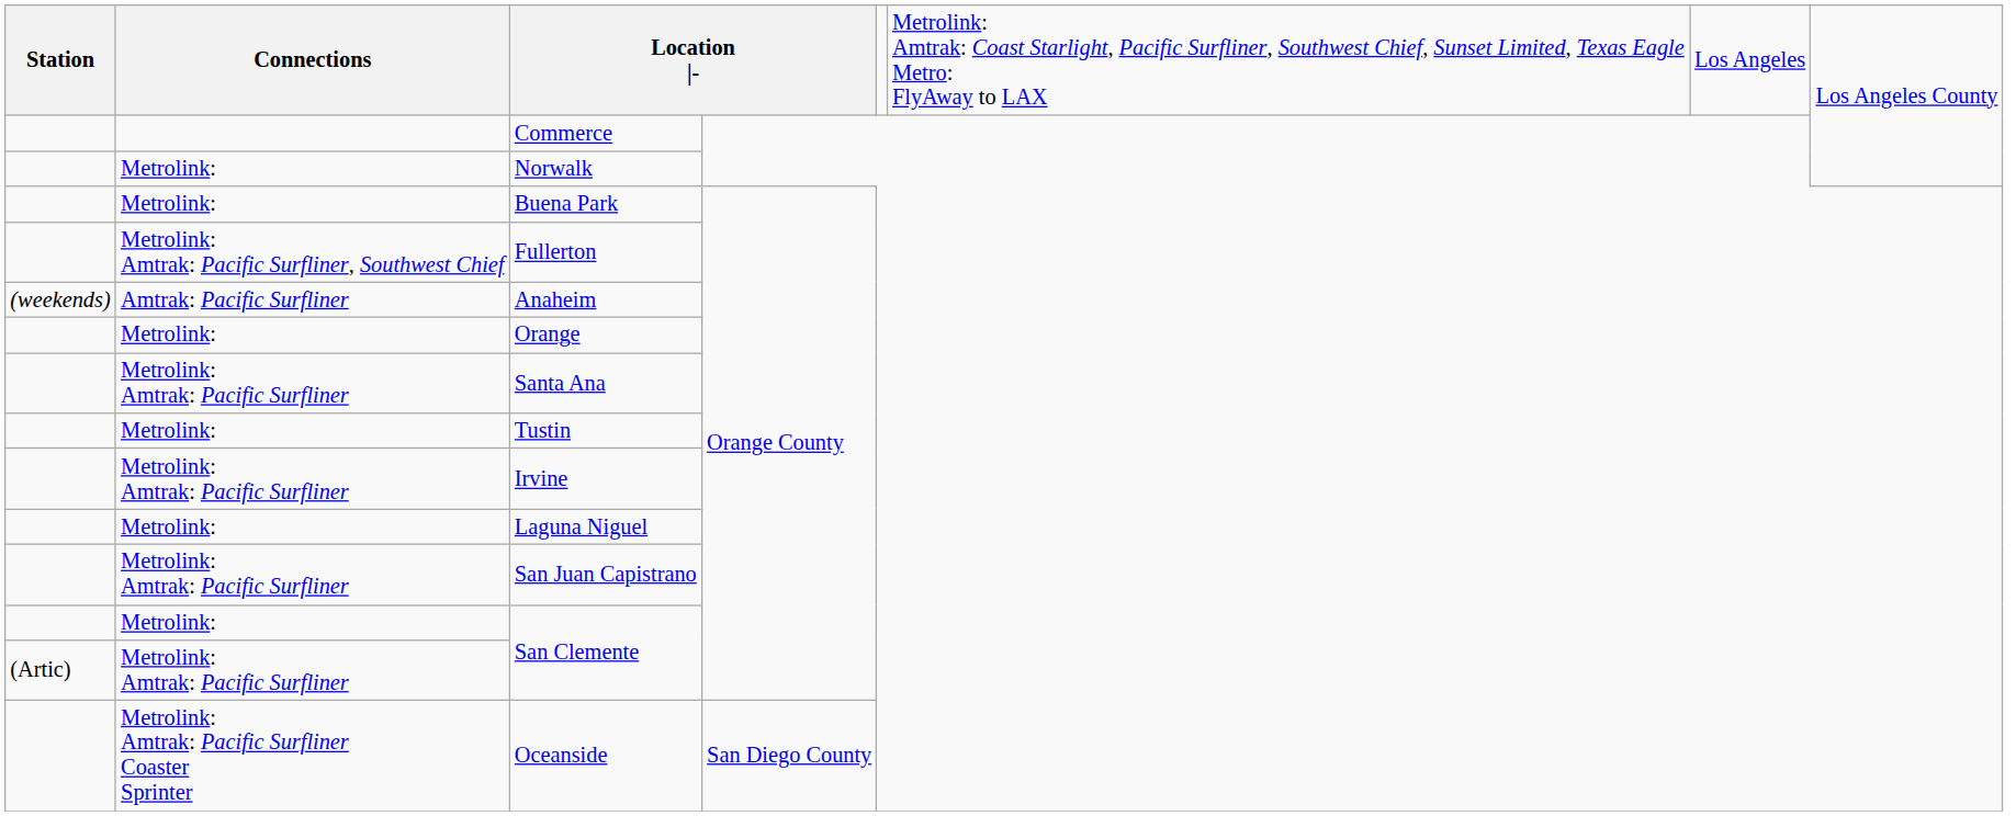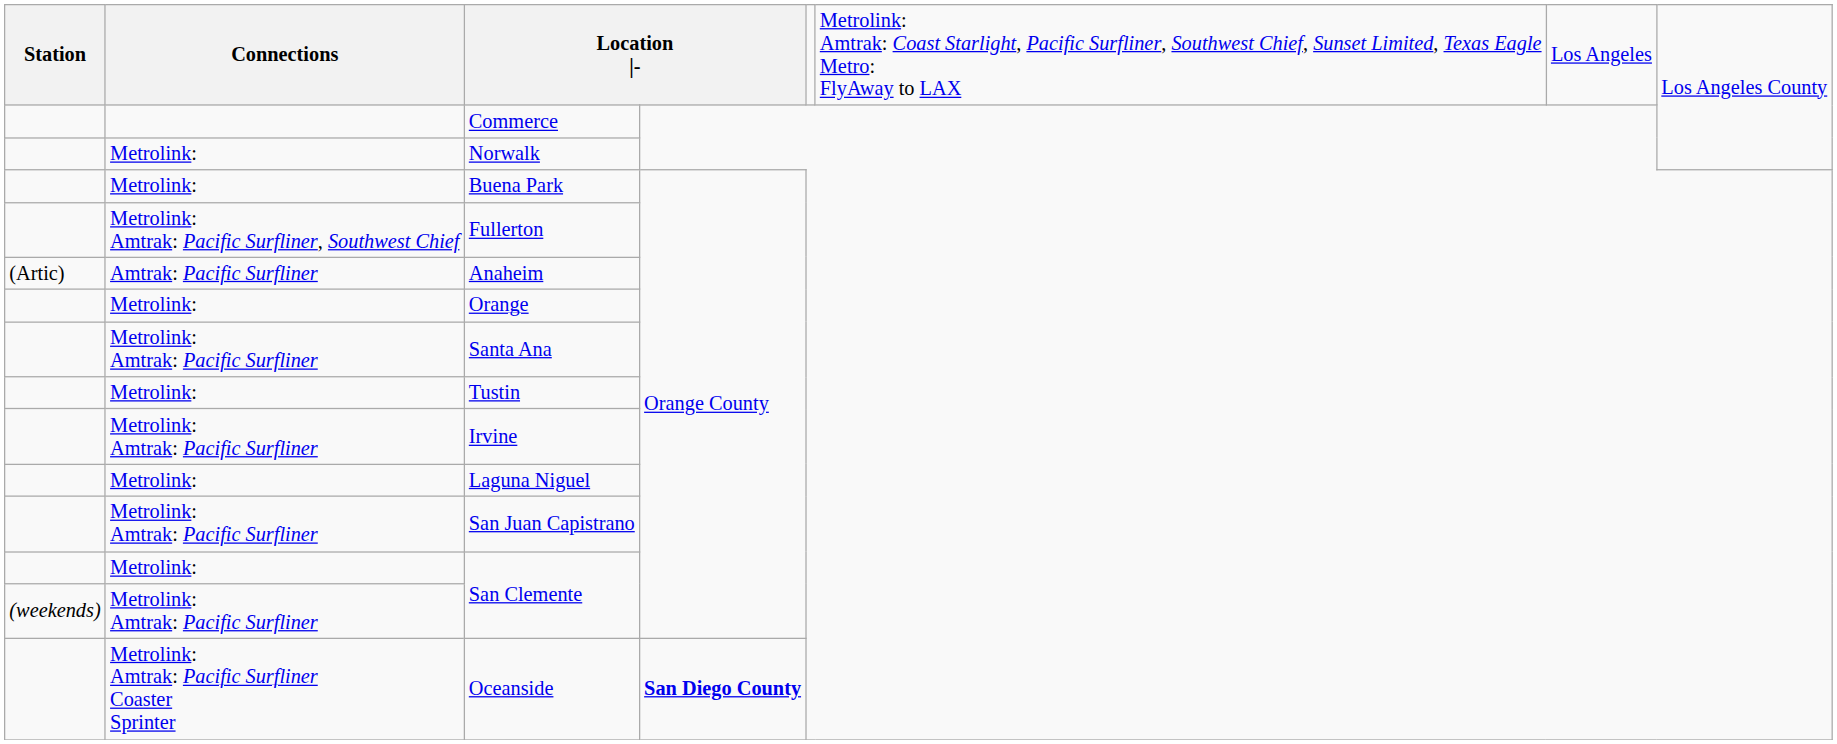 <table class="wikitable plainrowheaders">
 <tr>
 <th>Station</th>
 <th>Connections</th>
 <th colspan="2">Location<br>|-</th>
 <td></td>
 <td> <a href='#'>Metrolink</a>:      <br> <a href='#'>Amtrak</a>: <em><a href='#'>Coast Starlight</a></em>, <em><a href='#'>Pacific Surfliner</a></em>, <em><a href='#'>Southwest Chief</a></em>, <em><a href='#'>Sunset Limited</a></em>, <em><a href='#'>Texas Eagle</a></em><br> <a href='#'>Metro</a>:    <br> <a href='#'>FlyAway</a> to <a href='#'>LAX</a></td>
 <td><a href='#'>Los Angeles</a></td>
 <td rowspan="3"><a href='#'>Los Angeles County</a></td>
 </tr>
 <tr>
 <td></td>
 <td></td>
 <td><a href='#'>Commerce</a></td>
 </tr>
 <tr>
 <td></td>
 <td> <a href='#'>Metrolink</a>: </td>
 <td><a href='#'>Norwalk</a></td>
 </tr>
 <tr>
 <td></td>
 <td> <a href='#'>Metrolink</a>: </td>
 <td><a href='#'>Buena Park</a></td>
 <td rowspan="11"><a href='#'>Orange County</a></td>
 </tr>
 <tr>
 <td></td>
 <td> <a href='#'>Metrolink</a>: <br> <a href='#'>Amtrak</a>: <em><a href='#'>Pacific Surfliner</a></em>, <em><a href='#'>Southwest Chief</a></em></td>
 <td><a href='#'>Fullerton</a></td>
 </tr>
 <tr>
-<td> <em>(weekends)</em></td>
+<td> (Artic)</td>
 <td> <a href='#'>Amtrak</a>: <em><a href='#'>Pacific Surfliner</a></em></td>
 <td><a href='#'>Anaheim</a></td>
 </tr>
 <tr>
 <td></td>
 <td> <a href='#'>Metrolink</a>: </td>
 <td><a href='#'>Orange</a></td>
 </tr>
 <tr>
 <td></td>
 <td> <a href='#'>Metrolink</a>: <br> <a href='#'>Amtrak</a>: <em><a href='#'>Pacific Surfliner</a></em></td>
 <td><a href='#'>Santa Ana</a></td>
 </tr>
 <tr>
 <td></td>
 <td> <a href='#'>Metrolink</a>: </td>
 <td><a href='#'>Tustin</a></td>
 </tr>
 <tr>
 <td></td>
 <td> <a href='#'>Metrolink</a>: <br> <a href='#'>Amtrak</a>: <em><a href='#'>Pacific Surfliner</a></em></td>
 <td><a href='#'>Irvine</a></td>
 </tr>
 <tr>
 <td></td>
 <td> <a href='#'>Metrolink</a>: </td>
 <td><a href='#'>Laguna Niguel</a></td>
 </tr>
 <tr>
 <td></td>
 <td> <a href='#'>Metrolink</a>: <br> <a href='#'>Amtrak</a>: <em><a href='#'>Pacific Surfliner</a></em></td>
 <td><a href='#'>San Juan Capistrano</a></td>
 </tr>
 <tr>
 <td></td>
 <td> <a href='#'>Metrolink</a>: </td>
 <td rowspan="2"><a href='#'>San Clemente</a></td>
 </tr>
 <tr>
-<td> (Artic)</td>
+<td> <em>(weekends)</em></td>
 <td> <a href='#'>Metrolink</a>: <br> <a href='#'>Amtrak</a>: <em><a href='#'>Pacific Surfliner</a></em></td>
 </tr>
 <tr>
 <td></td>
 <td> <a href='#'>Metrolink</a>: <br> <a href='#'>Amtrak</a>: <em><a href='#'>Pacific Surfliner</a></em><br> <a href='#'>Coaster</a><br> <a href='#'>Sprinter</a></td>
 <td><a href='#'>Oceanside</a></td>
-<td rowspan="1"><a href='#'>San Diego County</a></td>
+<td rowspan="1"><strong><a href='#'>San Diego County</a></strong></td>
 </tr>
 </table>
